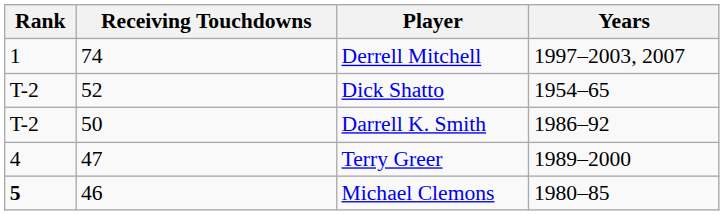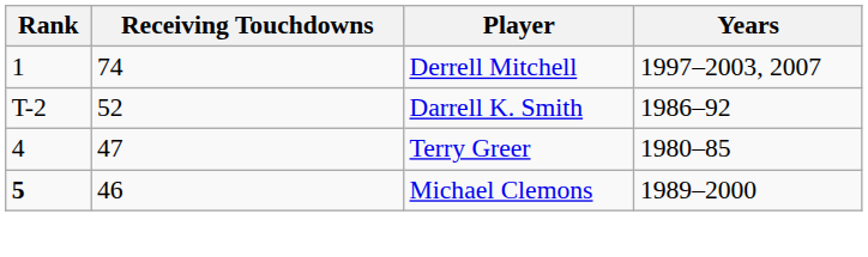 <table class="wikitable" style="width:60%;">
 <tr>
 <th>Rank</th>
 <th>Receiving Touchdowns</th>
 <th>Player</th>
 <th>Years</th>
 </tr>
 <tr>
 <td>1</td>
 <td>74</td>
 <td><a href='#'>Derrell Mitchell</a></td>
 <td>1997–2003, 2007</td>
 </tr>
 <tr>
 <td>T-2</td>
 <td>52</td>
-<td><a href='#'>Dick Shatto</a></td>
-<td>1954–65</td>
-</tr>
-<tr>
-<td>T-2</td>
-<td>50</td>
 <td><a href='#'>Darrell K. Smith</a></td>
 <td>1986–92</td>
 </tr>
 <tr>
 <td>4</td>
 <td>47</td>
 <td><a href='#'>Terry Greer</a></td>
-<td>1989–2000</td>
+<td>1980–85</td>
 </tr>
 <tr>
 <td><strong>5</strong></td>
 <td>46</td>
 <td><a href='#'>Michael Clemons</a></td>
-<td>1980–85</td>
+<td>1989–2000</td>
 </tr>
 </table>
